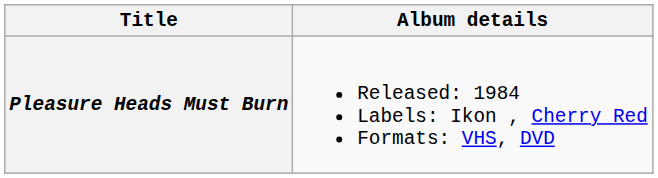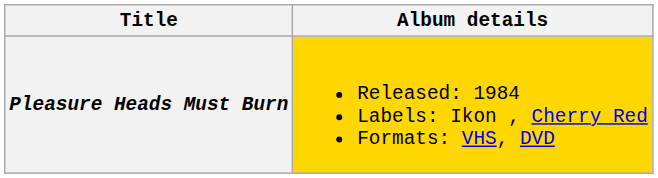 <table class="wikitable plainrowheaders" style="text-align:left">
 <tr>
 <th scope="col">Title</th>
 <th scope="col">Album details</th>
 </tr>
 <tr>
 <th scope="row"><em>Pleasure Heads Must Burn</em></th>
-<td><br><ul><li>Released: 1984 </li><li>Labels: Ikon , <a href='#'>Cherry Red</a> </li><li>Formats: <a href='#'>VHS</a>, <a href='#'>DVD</a></li></ul></td>
+<td style="background: gold;"><br><ul><li>Released: 1984 </li><li>Labels: Ikon , <a href='#'>Cherry Red</a> </li><li>Formats: <a href='#'>VHS</a>, <a href='#'>DVD</a></li></ul></td>
 </tr>
 </table>
